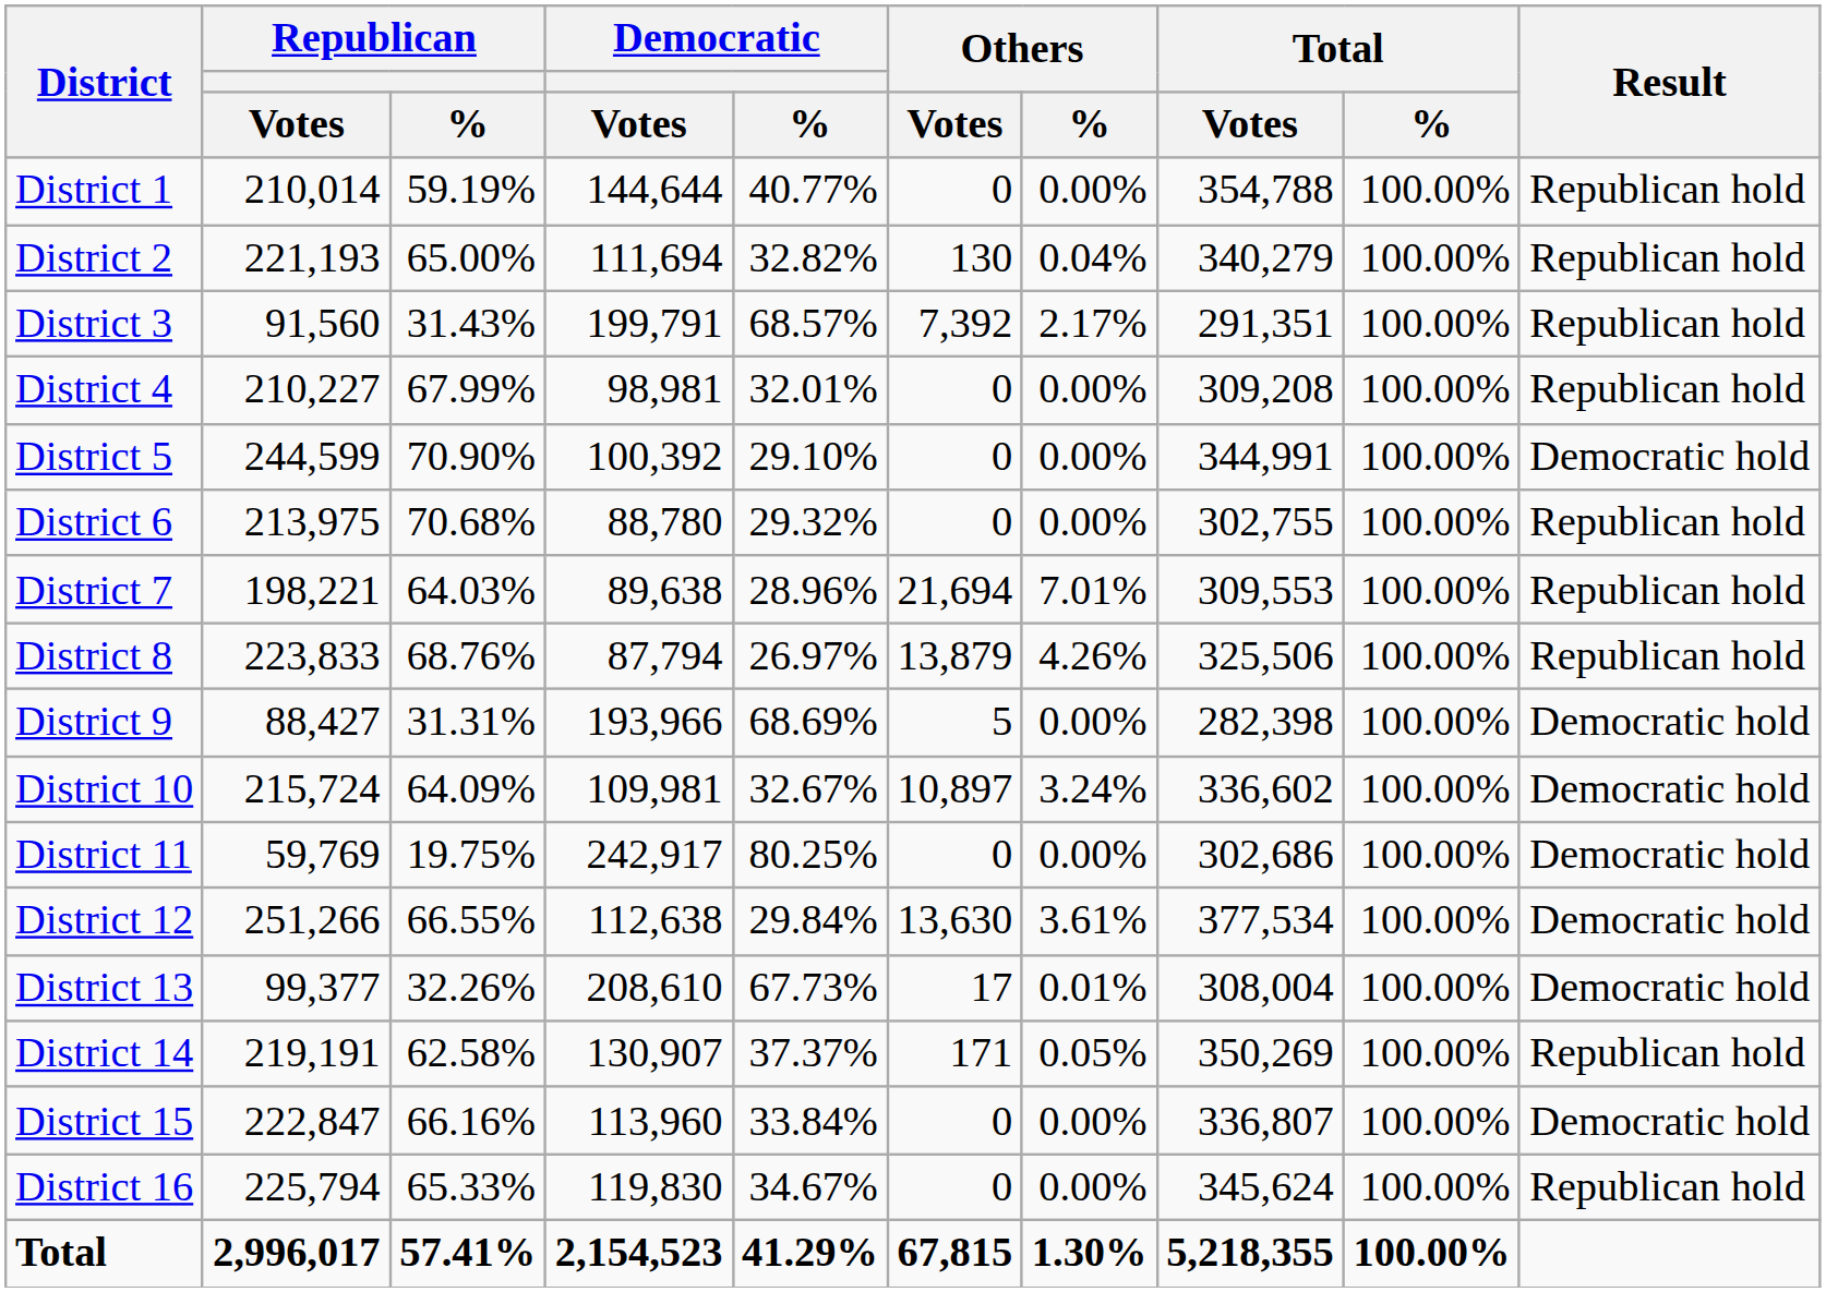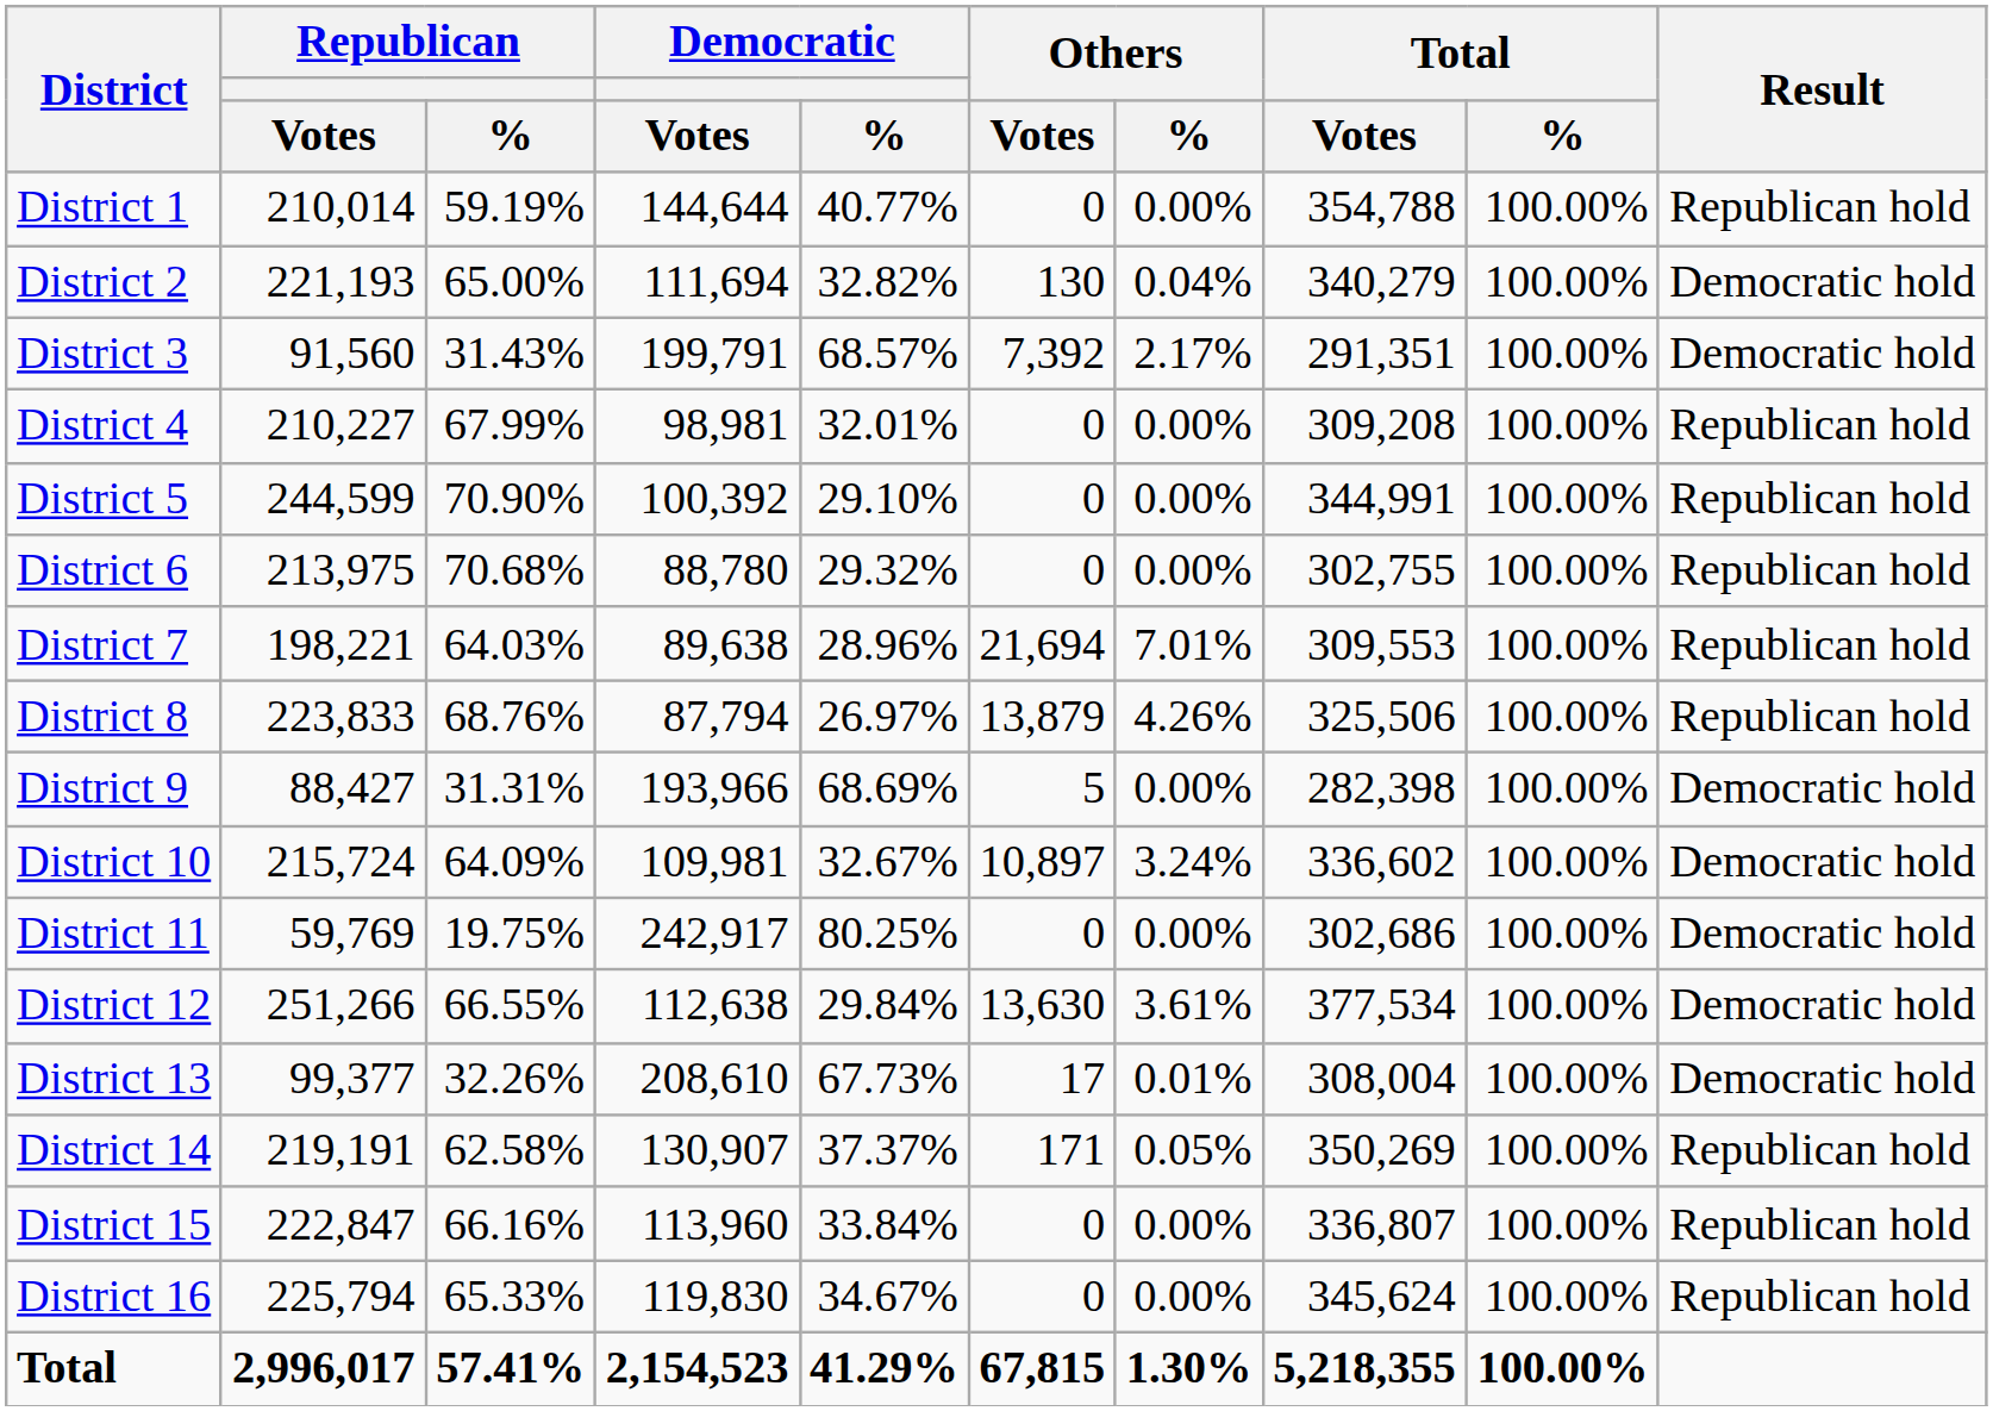 <table class="wikitable plainrowheaders sortable" style="font-size:100%; text-align:right;">
 <tr>
 <th scope=col rowspan=3><a href='#'>District</a></th>
 <th scope=col colspan=2><a href='#'>Republican</a></th>
 <th scope=col colspan=2><a href='#'>Democratic</a></th>
 <th scope=col colspan=2 rowspan=2>Others</th>
 <th scope=col colspan=2 rowspan=2>Total</th>
 <th scope=col rowspan=3>Result</th>
 </tr>
 <tr>
 <th scope=col colspan=2 style="background:"></th>
 <th scope=col colspan=2 style="background:"></th>
 </tr>
 <tr>
 <th scope=col data-sort-type="number">Votes</th>
 <th scope=col data-sort-type="number">%</th>
 <th scope=col data-sort-type="number">Votes</th>
 <th scope=col data-sort-type="number">%</th>
 <th scope=col data-sort-type="number">Votes</th>
 <th scope=col data-sort-type="number">%</th>
 <th scope=col data-sort-type="number">Votes</th>
 <th scope=col data-sort-type="number">%</th>
 </tr>
 <tr>
 <td align=left><a href='#'>District 1</a></td>
 <td>210,014</td>
 <td>59.19%</td>
 <td>144,644</td>
 <td>40.77%</td>
 <td>0</td>
 <td>0.00%</td>
 <td>354,788</td>
 <td>100.00%</td>
 <td align=left>Republican hold</td>
 </tr>
 <tr>
 <td align=left><a href='#'>District 2</a></td>
 <td>221,193</td>
 <td>65.00%</td>
 <td>111,694</td>
 <td>32.82%</td>
 <td>130</td>
 <td>0.04%</td>
 <td>340,279</td>
 <td>100.00%</td>
-<td align=left>Republican hold</td>
+<td align=left>Democratic hold</td>
 </tr>
 <tr>
 <td align=left><a href='#'>District 3</a></td>
 <td>91,560</td>
 <td>31.43%</td>
 <td>199,791</td>
 <td>68.57%</td>
 <td>7,392</td>
 <td>2.17%</td>
 <td>291,351</td>
 <td>100.00%</td>
-<td align=left>Republican hold</td>
+<td align=left>Democratic hold</td>
 </tr>
 <tr>
 <td align=left><a href='#'>District 4</a></td>
 <td>210,227</td>
 <td>67.99%</td>
 <td>98,981</td>
 <td>32.01%</td>
 <td>0</td>
 <td>0.00%</td>
 <td>309,208</td>
 <td>100.00%</td>
 <td align=left>Republican hold</td>
 </tr>
 <tr>
 <td align=left><a href='#'>District 5</a></td>
 <td>244,599</td>
 <td>70.90%</td>
 <td>100,392</td>
 <td>29.10%</td>
 <td>0</td>
 <td>0.00%</td>
 <td>344,991</td>
 <td>100.00%</td>
-<td align=left>Democratic hold</td>
+<td align=left>Republican hold</td>
 </tr>
 <tr>
 <td align=left><a href='#'>District 6</a></td>
 <td>213,975</td>
 <td>70.68%</td>
 <td>88,780</td>
 <td>29.32%</td>
 <td>0</td>
 <td>0.00%</td>
 <td>302,755</td>
 <td>100.00%</td>
 <td align=left>Republican hold</td>
 </tr>
 <tr>
 <td align=left><a href='#'>District 7</a></td>
 <td>198,221</td>
 <td>64.03%</td>
 <td>89,638</td>
 <td>28.96%</td>
 <td>21,694</td>
 <td>7.01%</td>
 <td>309,553</td>
 <td>100.00%</td>
 <td align=left>Republican hold</td>
 </tr>
 <tr>
 <td align=left><a href='#'>District 8</a></td>
 <td>223,833</td>
 <td>68.76%</td>
 <td>87,794</td>
 <td>26.97%</td>
 <td>13,879</td>
 <td>4.26%</td>
 <td>325,506</td>
 <td>100.00%</td>
 <td align=left>Republican hold</td>
 </tr>
 <tr>
 <td align=left><a href='#'>District 9</a></td>
 <td>88,427</td>
 <td>31.31%</td>
 <td>193,966</td>
 <td>68.69%</td>
 <td>5</td>
 <td>0.00%</td>
 <td>282,398</td>
 <td>100.00%</td>
 <td align=left>Democratic hold</td>
 </tr>
 <tr>
 <td align=left><a href='#'>District 10</a></td>
 <td>215,724</td>
 <td>64.09%</td>
 <td>109,981</td>
 <td>32.67%</td>
 <td>10,897</td>
 <td>3.24%</td>
 <td>336,602</td>
 <td>100.00%</td>
 <td align=left>Democratic hold</td>
 </tr>
 <tr>
 <td align=left><a href='#'>District 11</a></td>
 <td>59,769</td>
 <td>19.75%</td>
 <td>242,917</td>
 <td>80.25%</td>
 <td>0</td>
 <td>0.00%</td>
 <td>302,686</td>
 <td>100.00%</td>
 <td align=left>Democratic hold</td>
 </tr>
 <tr>
 <td align=left><a href='#'>District 12</a></td>
 <td>251,266</td>
 <td>66.55%</td>
 <td>112,638</td>
 <td>29.84%</td>
 <td>13,630</td>
 <td>3.61%</td>
 <td>377,534</td>
 <td>100.00%</td>
 <td align=left>Democratic hold</td>
 </tr>
 <tr>
 <td align=left><a href='#'>District 13</a></td>
 <td>99,377</td>
 <td>32.26%</td>
 <td>208,610</td>
 <td>67.73%</td>
 <td>17</td>
 <td>0.01%</td>
 <td>308,004</td>
 <td>100.00%</td>
 <td align=left>Democratic hold</td>
 </tr>
 <tr>
 <td align=left><a href='#'>District 14</a></td>
 <td>219,191</td>
 <td>62.58%</td>
 <td>130,907</td>
 <td>37.37%</td>
 <td>171</td>
 <td>0.05%</td>
 <td>350,269</td>
 <td>100.00%</td>
 <td align=left>Republican hold</td>
 </tr>
 <tr>
 <td align=left><a href='#'>District 15</a></td>
 <td>222,847</td>
 <td>66.16%</td>
 <td>113,960</td>
 <td>33.84%</td>
 <td>0</td>
 <td>0.00%</td>
 <td>336,807</td>
 <td>100.00%</td>
-<td align=left>Democratic hold</td>
+<td align=left>Republican hold</td>
 </tr>
 <tr>
 <td align=left><a href='#'>District 16</a></td>
 <td>225,794</td>
 <td>65.33%</td>
 <td>119,830</td>
 <td>34.67%</td>
 <td>0</td>
 <td>0.00%</td>
 <td>345,624</td>
 <td>100.00%</td>
 <td align=left>Republican hold</td>
 </tr>
 <tr class="sortbottom" style="font-weight:bold">
 <td align=left>Total</td>
 <td>2,996,017</td>
 <td>57.41%</td>
 <td>2,154,523</td>
 <td>41.29%</td>
 <td>67,815</td>
 <td>1.30%</td>
 <td>5,218,355</td>
 <td>100.00%</td>
 <td></td>
 </tr>
 </table>
